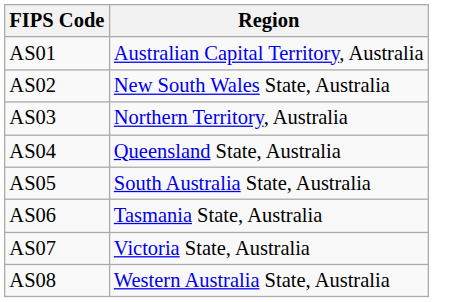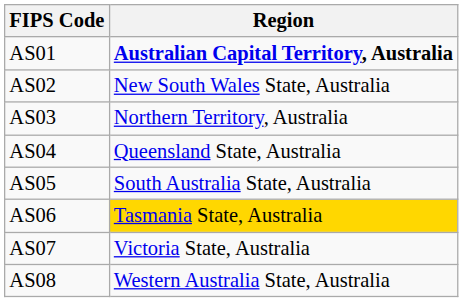 <table class="wikitable">
 <tr>
 <th>FIPS Code</th>
 <th>Region</th>
 </tr>
 <tr>
 <td>AS01</td>
-<td><a href='#'>Australian Capital Territory</a>, Australia</td>
+<td><strong><a href='#'>Australian Capital Territory</a>, Australia</strong></td>
 </tr>
 <tr>
 <td>AS02</td>
 <td><a href='#'>New South Wales</a> State, Australia</td>
 </tr>
 <tr>
 <td>AS03</td>
 <td><a href='#'>Northern Territory</a>, Australia</td>
 </tr>
 <tr>
 <td>AS04</td>
 <td><a href='#'>Queensland</a> State, Australia</td>
 </tr>
 <tr>
 <td>AS05</td>
 <td><a href='#'>South Australia</a> State, Australia</td>
 </tr>
 <tr>
 <td>AS06</td>
-<td><a href='#'>Tasmania</a> State, Australia</td>
+<td style="background: gold;"><a href='#'>Tasmania</a> State, Australia</td>
 </tr>
 <tr>
 <td>AS07</td>
 <td><a href='#'>Victoria</a> State, Australia</td>
 </tr>
 <tr>
 <td>AS08</td>
 <td><a href='#'>Western Australia</a> State, Australia</td>
 </tr>
 </table>
